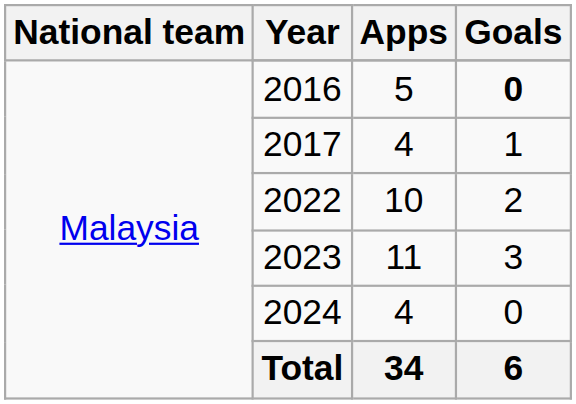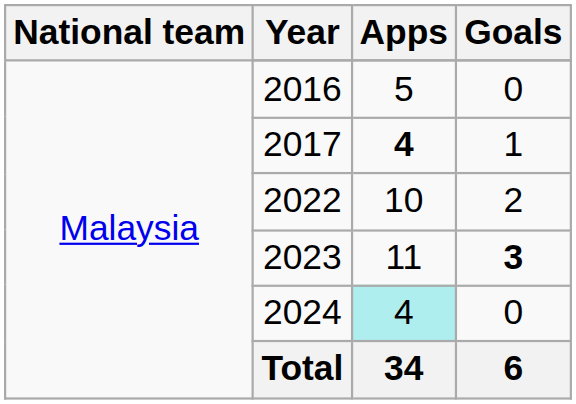 <table class="wikitable" style="text-align: center;">
 <tr>
 <th>National team</th>
 <th>Year</th>
 <th>Apps</th>
 <th>Goals</th>
 </tr>
 <tr>
 <td rowspan="7"><a href='#'>Malaysia</a></td>
 </tr>
 <tr>
 <td>2016</td>
 <td>5</td>
-<td><strong>0</strong></td>
+<td>0</td>
 </tr>
 <tr>
 <td>2017</td>
-<td>4</td>
+<td><strong>4</strong></td>
 <td>1</td>
 </tr>
 <tr>
 <td>2022</td>
 <td>10</td>
 <td>2</td>
 </tr>
 <tr>
 <td>2023</td>
 <td>11</td>
-<td>3</td>
+<td><strong>3</strong></td>
 </tr>
 <tr>
 <td>2024</td>
-<td>4</td>
+<td style="background: paleturquoise;">4</td>
 <td>0</td>
 </tr>
 <tr>
 <th>Total</th>
 <th>34</th>
 <th>6</th>
 </tr>
 </table>
